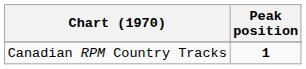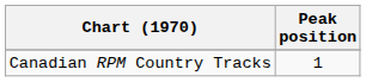 <table class="wikitable sortable">
 <tr>
 <th>Chart (1970)</th>
 <th>Peak<br>position</th>
 </tr>
 <tr>
 </tr>
 <tr>
 <td>Canadian <em>RPM</em> Country Tracks</td>
-<td align="center"><strong>1</strong></td>
+<td align="center">1</td>
 </tr>
 </table>
